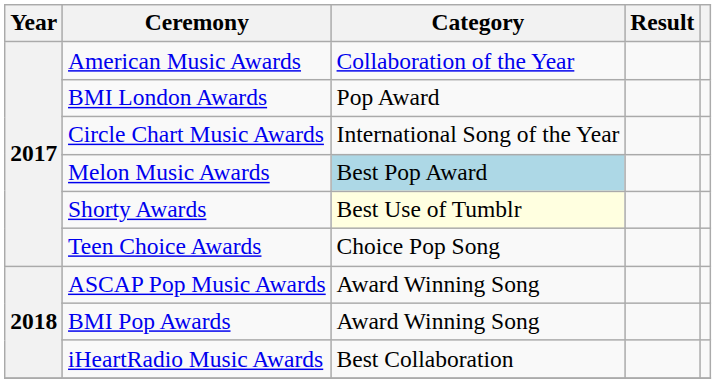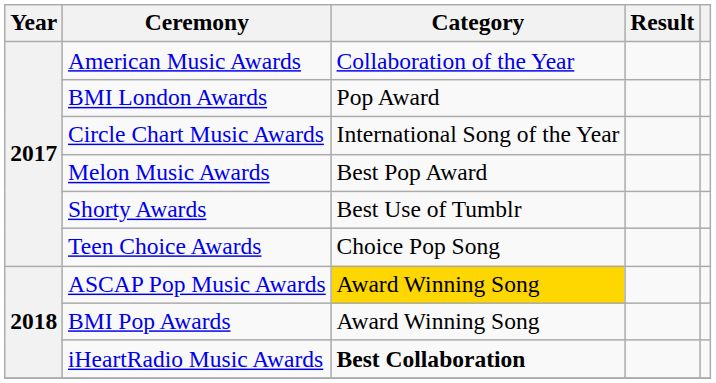 <table class="wikitable plainrowheaders">
 <tr>
 <th scope="col">Year</th>
 <th scope="col">Ceremony</th>
 <th scope="col">Category</th>
 <th scope="col">Result</th>
 <th scope="col"></th>
 </tr>
 <tr>
 <th scope="row" rowspan="6">2017</th>
 <td><a href='#'>American Music Awards</a></td>
 <td><a href='#'>Collaboration of the Year</a></td>
 <td></td>
 <td style="text-align:center;"></td>
 </tr>
 <tr>
 <td><a href='#'>BMI London Awards</a></td>
 <td>Pop Award</td>
 <td></td>
 <td style="text-align:center;"></td>
 </tr>
 <tr>
 <td><a href='#'>Circle Chart Music Awards</a></td>
 <td>International Song of the Year</td>
 <td></td>
 <td style="text-align:center;"></td>
 </tr>
 <tr>
 <td><a href='#'>Melon Music Awards</a></td>
-<td style="background: lightblue;">Best Pop Award</td>
+<td>Best Pop Award</td>
 <td></td>
 <td style="text-align:center;"></td>
 </tr>
 <tr>
 <td><a href='#'>Shorty Awards</a></td>
-<td style="background: lightyellow;">Best Use of Tumblr</td>
+<td>Best Use of Tumblr</td>
 <td></td>
 <td style="text-align:center;"></td>
 </tr>
 <tr>
 <td><a href='#'>Teen Choice Awards</a></td>
 <td>Choice Pop Song</td>
 <td></td>
 <td style="text-align:center;"></td>
 </tr>
 <tr>
 <th scope="row" rowspan="3">2018</th>
 <td><a href='#'>ASCAP Pop Music Awards</a></td>
-<td>Award Winning Song</td>
+<td style="background: gold;">Award Winning Song</td>
 <td></td>
 <td style="text-align:center;"></td>
 </tr>
 <tr>
 <td><a href='#'>BMI Pop Awards</a></td>
 <td>Award Winning Song</td>
 <td></td>
 <td style="text-align:center;"></td>
 </tr>
 <tr>
 <td><a href='#'>iHeartRadio Music Awards</a></td>
-<td>Best Collaboration</td>
+<td><strong>Best Collaboration</strong></td>
 <td></td>
 <td style="text-align:center;"></td>
 </tr>
 <tr>
 </tr>
 </table>
